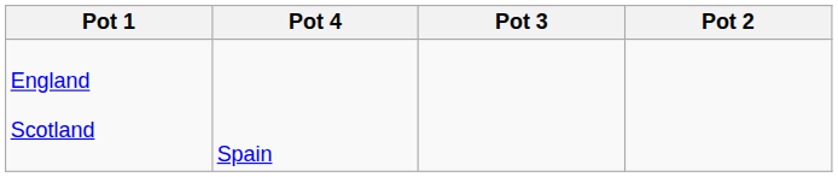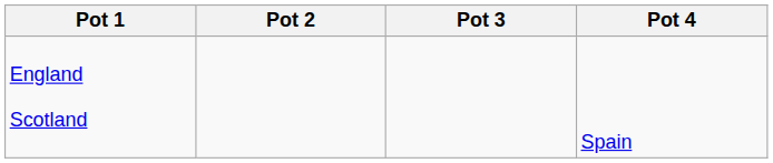 <table class="wikitable" width=98%>
 <tr>
 <th width=25%>Pot 1</th>
+<th width=25%>Pot 2</th>
+<th width=25%>Pot 3</th>
 <th width=25%>Pot 4</th>
-<th width=25%>Pot 3</th>
-<th width=25%>Pot 2</th>
 </tr>
 <tr valign=top>
 <td><br> <a href='#'>England</a><br>  <br>  <a href='#'>Scotland</a> <br>  <br></td>
-<td><br> <br>  <br>  <br>  <a href='#'>Spain</a> <br> </td>
 <td><br> <br>  <br>  <br>  <br></td>
 <td><br> <br>  <br>  <br>  <br></td>
+<td><br> <br>  <br>  <br>  <a href='#'>Spain</a> <br> </td>
 </tr>
 </table>
